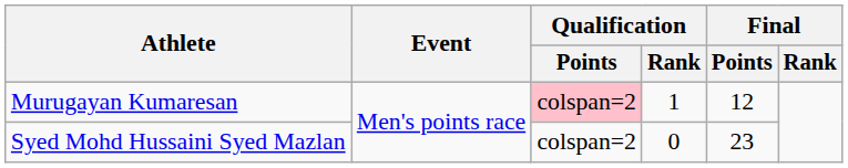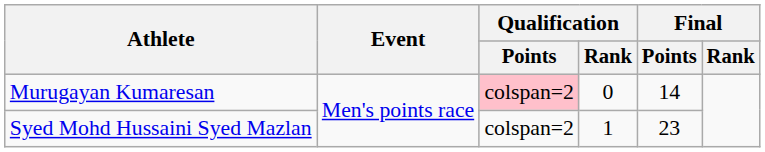 <table class="wikitable" style="font-size:90%;">
 <tr>
 <th rowspan=2>Athlete</th>
 <th rowspan=2>Event</th>
 <th colspan=2>Qualification</th>
 <th colspan=2>Final</th>
 </tr>
 <tr style="font-size:95%">
 <th>Points</th>
 <th>Rank</th>
 <th>Points</th>
 <th>Rank</th>
 </tr>
 <tr align=center>
 <td align=left><a href='#'>Murugayan Kumaresan</a></td>
 <td align=left rowspan=2><a href='#'>Men's points race</a></td>
 <td style="background: pink;">colspan=2 </td>
-<td>1</td>
-<td>12</td>
+<td>0</td>
+<td>14</td>
 </tr>
 <tr align=center>
 <td align=left><a href='#'>Syed Mohd Hussaini Syed Mazlan</a></td>
 <td>colspan=2 </td>
-<td>0</td>
+<td>1</td>
 <td>23</td>
 </tr>
 </table>
